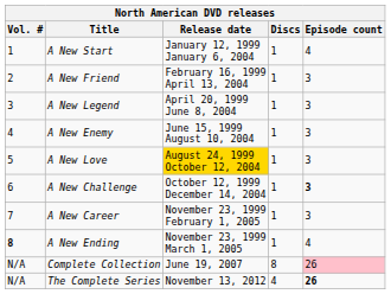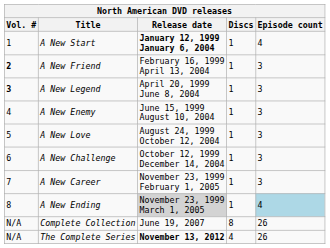 <table class="wikitable">
 <tr>
 <th colspan="5">North American DVD releases</th>
 </tr>
 <tr>
 <th>Vol. #</th>
 <th>Title</th>
 <th>Release date</th>
 <th>Discs</th>
 <th>Episode count</th>
 </tr>
 <tr>
 <td>1</td>
 <td><em>A New Start</em></td>
-<td>January 12, 1999<br>January 6, 2004</td>
+<td><strong>January 12, 1999<br>January 6, 2004</strong></td>
 <td>1</td>
 <td>4</td>
 </tr>
 <tr>
-<td>2</td>
+<td><strong>2</strong></td>
 <td><em>A New Friend</em></td>
 <td>February 16, 1999<br>April 13, 2004</td>
 <td>1</td>
 <td>3</td>
 </tr>
 <tr>
-<td>3</td>
+<td><strong>3</strong></td>
 <td><em>A New Legend</em></td>
 <td>April 20, 1999<br>June 8, 2004</td>
 <td>1</td>
 <td>3</td>
 </tr>
 <tr>
 <td>4</td>
 <td><em>A New Enemy</em></td>
 <td>June 15, 1999<br>August 10, 2004</td>
 <td>1</td>
 <td>3</td>
 </tr>
 <tr>
 <td>5</td>
 <td><em>A New Love</em></td>
-<td style="background: gold;">August 24, 1999<br>October 12, 2004</td>
+<td>August 24, 1999<br>October 12, 2004</td>
 <td>1</td>
 <td>3</td>
 </tr>
 <tr>
 <td>6</td>
 <td><em>A New Challenge</em></td>
 <td>October 12, 1999<br>December 14, 2004</td>
 <td>1</td>
-<td><strong>3</strong></td>
+<td>3</td>
 </tr>
 <tr>
 <td>7</td>
 <td><em>A New Career</em></td>
 <td>November 23, 1999<br>February 1, 2005</td>
 <td>1</td>
 <td>3</td>
 </tr>
 <tr>
-<td><strong>8</strong></td>
+<td>8</td>
 <td><em>A New Ending</em></td>
-<td>November 23, 1999<br>March 1, 2005</td>
+<td style="background: lightgrey;">November 23, 1999<br>March 1, 2005</td>
 <td>1</td>
-<td>4</td>
+<td style="background: lightblue;">4</td>
 </tr>
 <tr>
 <td>N/A</td>
 <td><em>Complete Collection</em></td>
 <td>June 19, 2007</td>
 <td>8</td>
-<td style="background: pink;">26</td>
+<td>26</td>
 </tr>
 <tr>
 <td>N/A</td>
 <td><em>The Complete Series</em></td>
-<td>November 13, 2012</td>
+<td><strong>November 13, 2012</strong></td>
 <td>4</td>
-<td><strong>26</strong></td>
+<td>26</td>
 </tr>
 </table>
